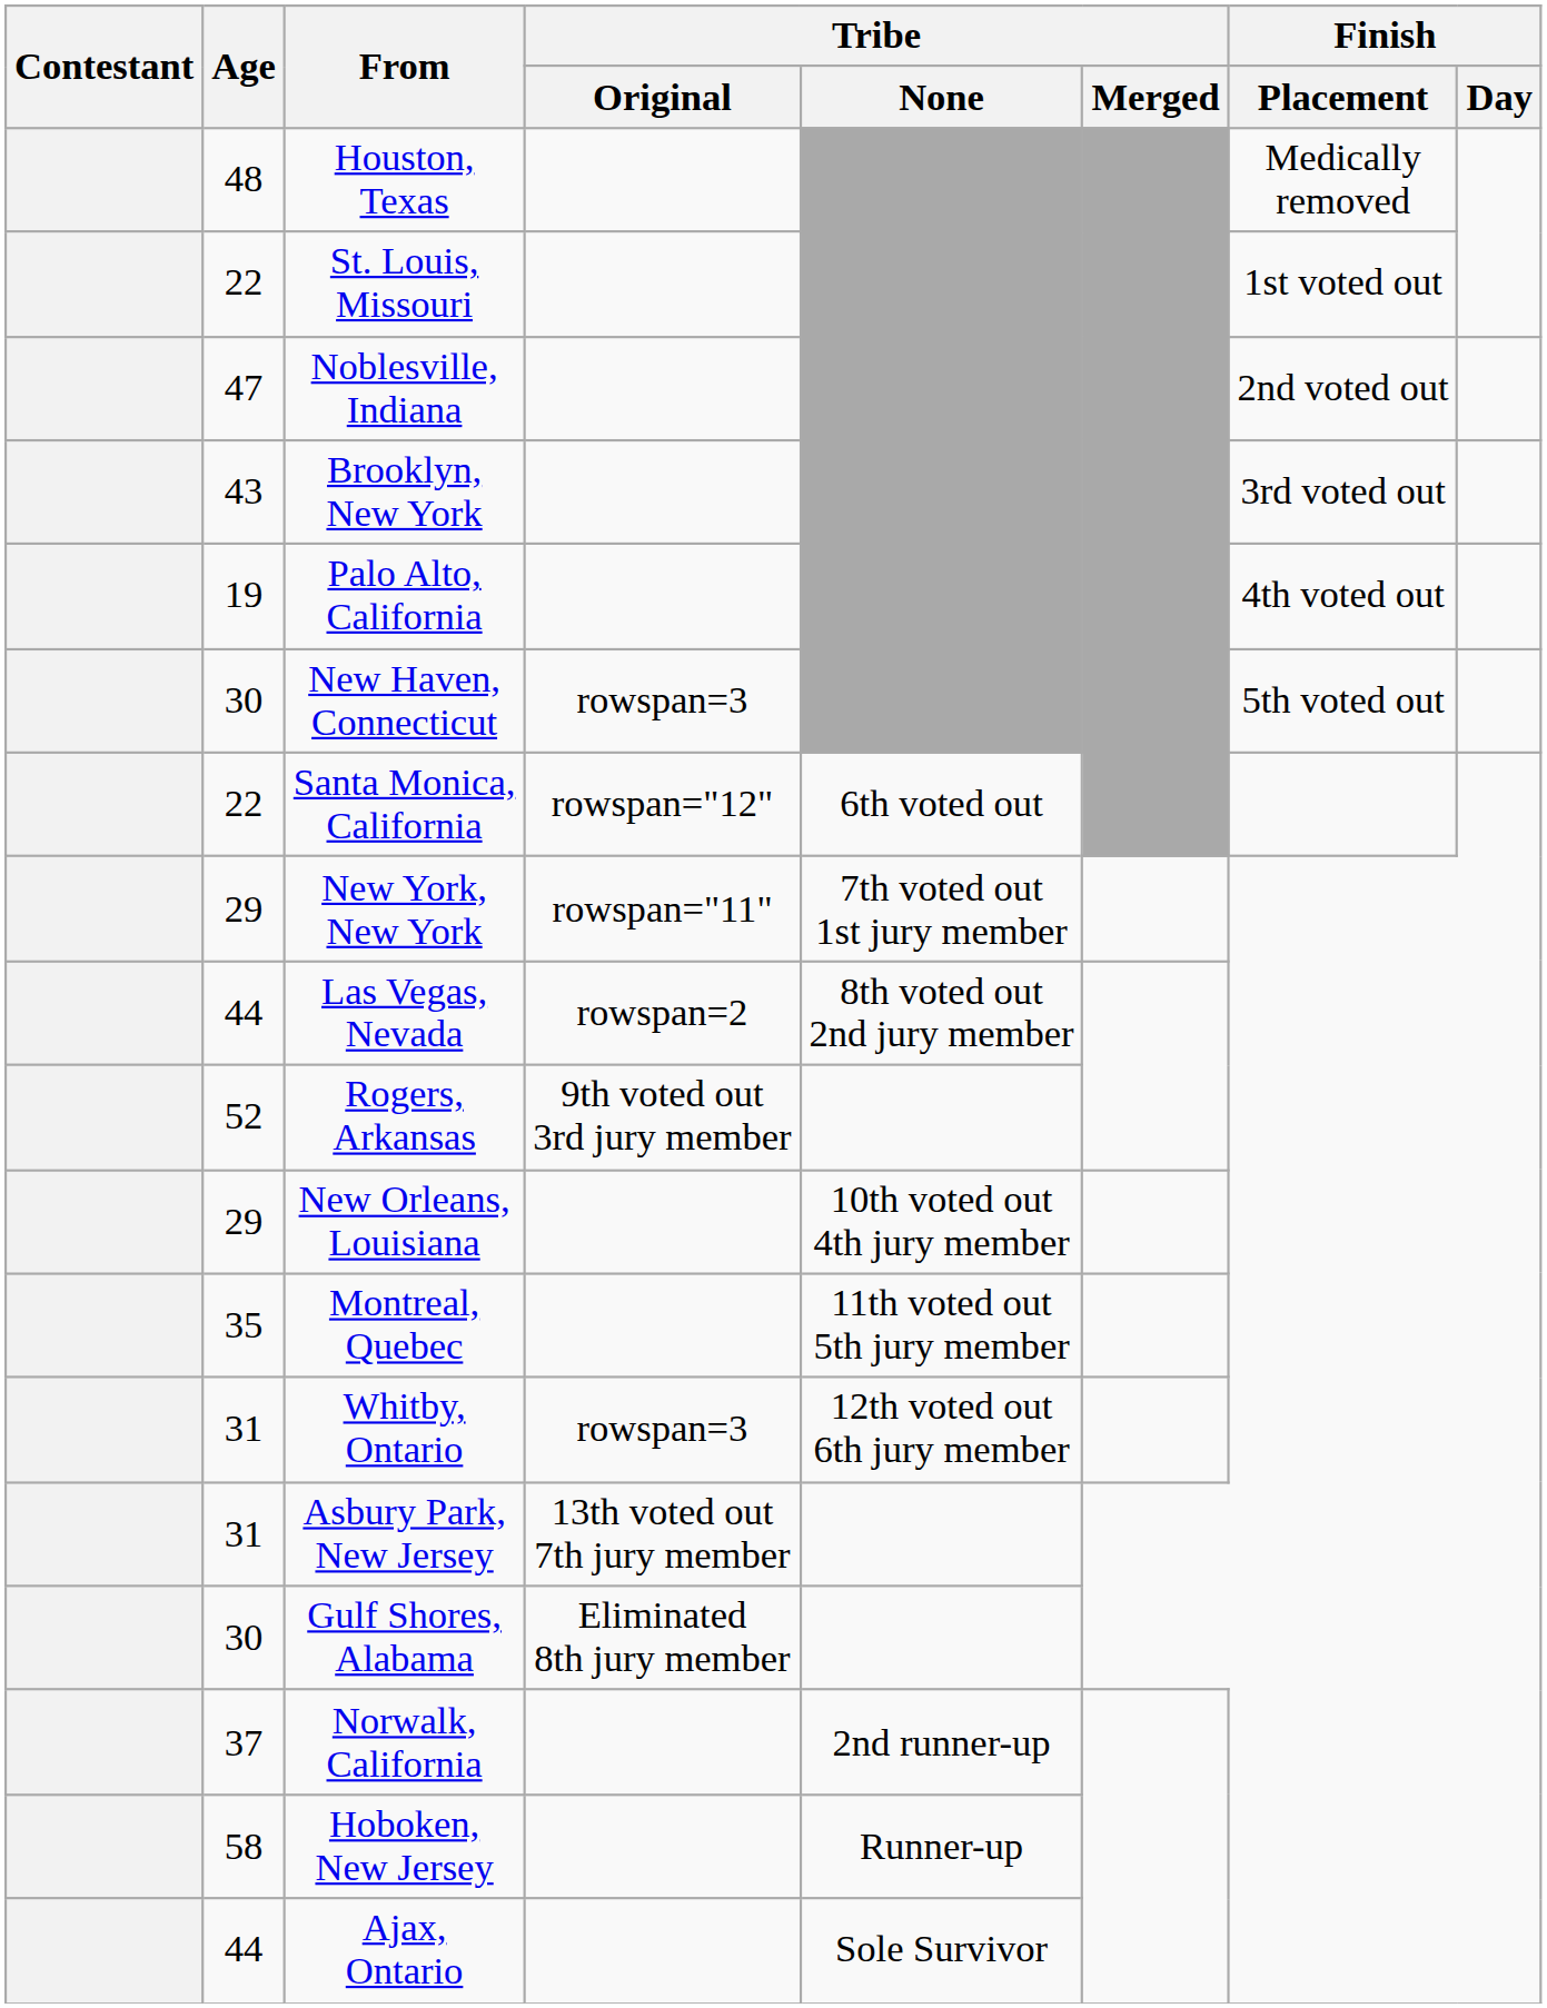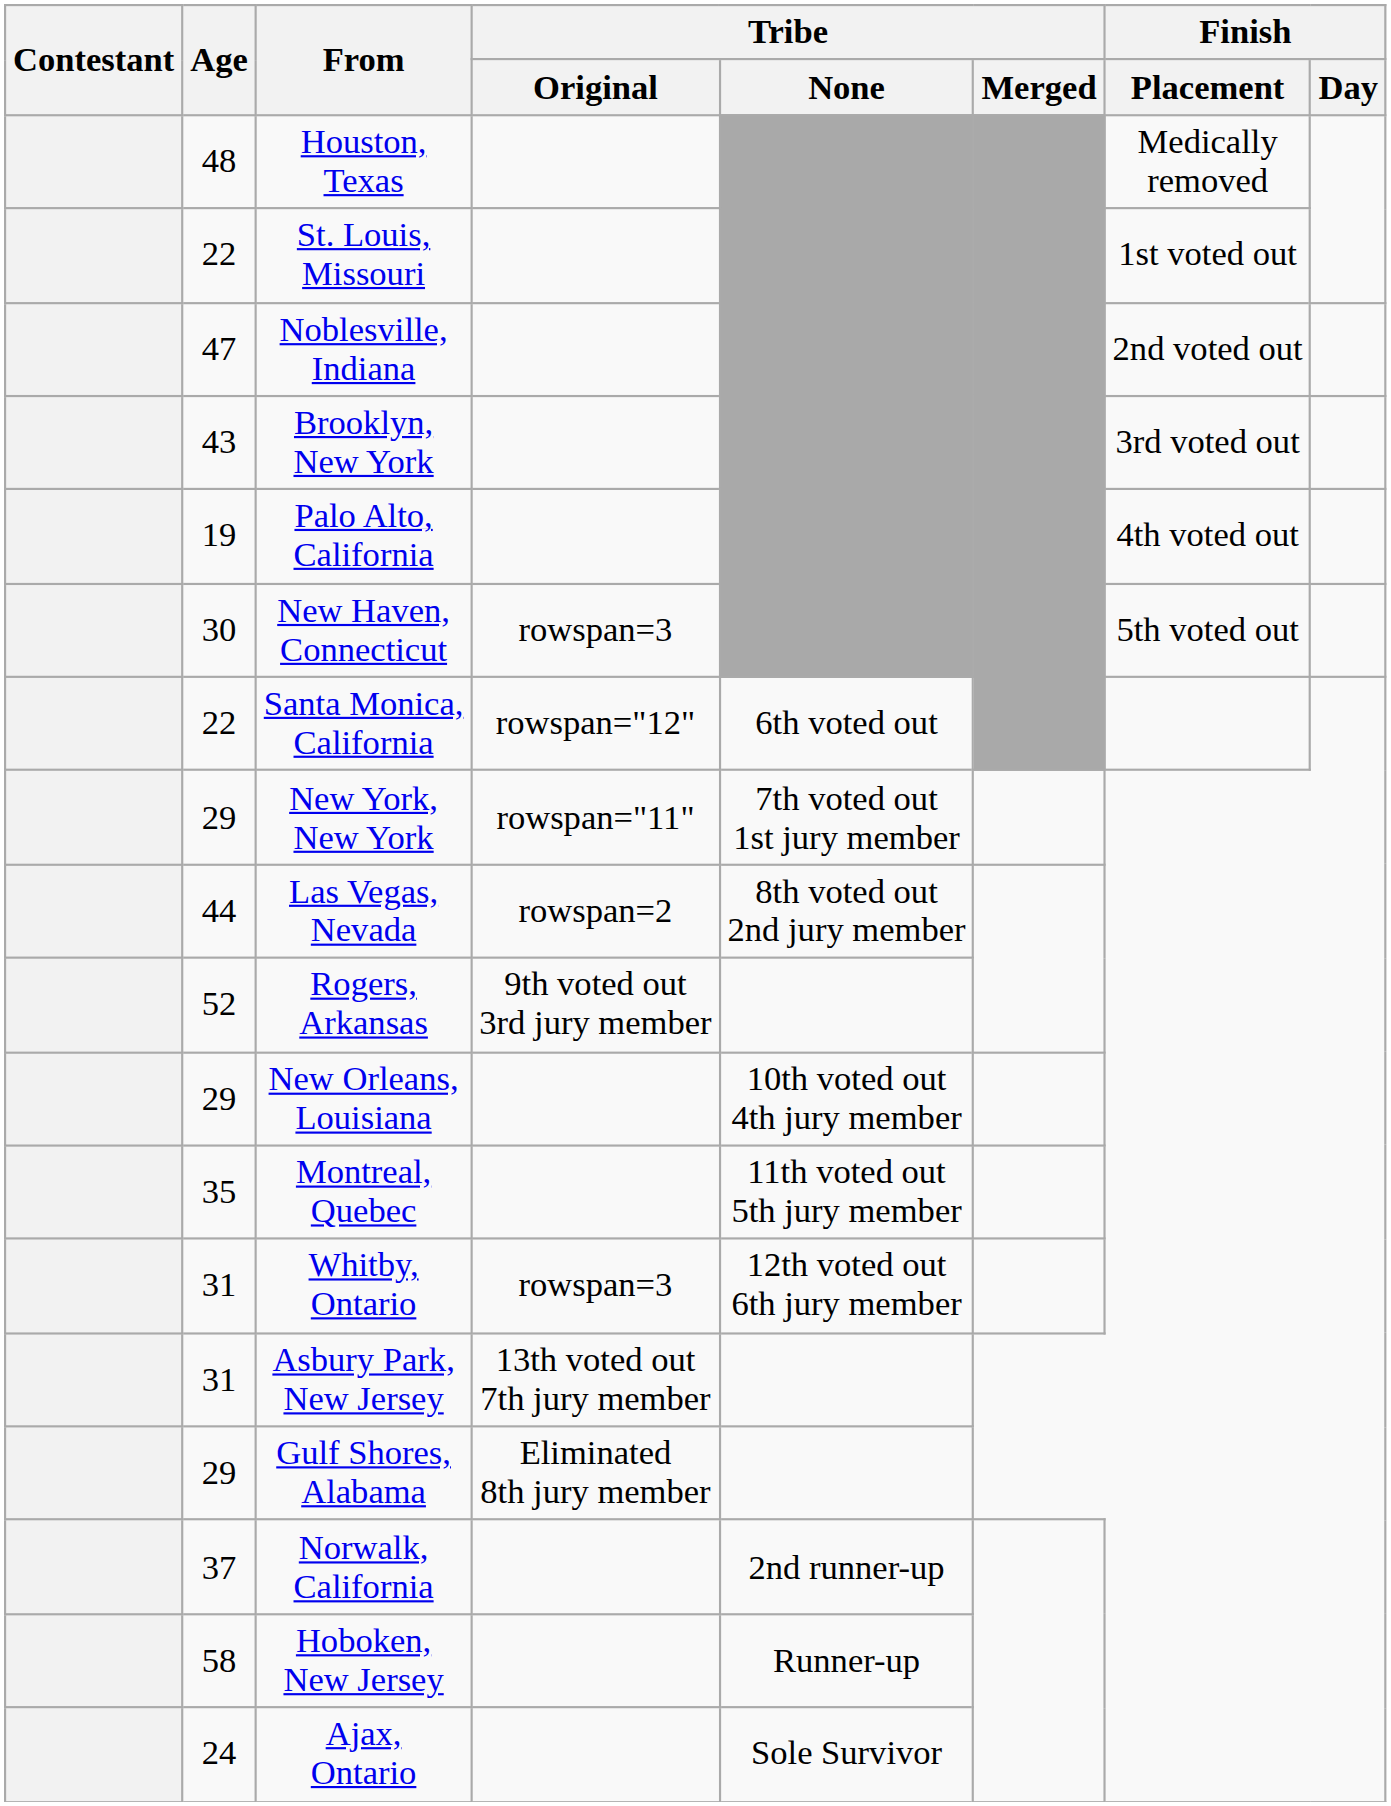 <table class="wikitable sortable" style="text-align:center;">
 <tr>
 <th rowspan="2" scope="col">Contestant</th>
 <th rowspan="2" scope="col">Age</th>
 <th rowspan="2" scope="col" class=unsortable>From</th>
 <th colspan="3" scope="colgroup">Tribe</th>
 <th colspan="2" scope="colgroup">Finish</th>
 </tr>
 <tr>
 <th scope="col">Original</th>
 <th scope="col" class=unsortable>None</th>
 <th scope="col" class=unsortable>Merged</th>
 <th scope="col" class=unsortable>Placement</th>
 <th scope="col" class=unsortable>Day</th>
 </tr>
 <tr>
 <th scope="row" style=text-align:left></th>
 <td>48</td>
 <td><a href='#'>Houston,<br>Texas</a></td>
 <td></td>
 <td rowspan="6" bgcolor="darkgray"></td>
 <td rowspan="7" bgcolor="darkgray"></td>
 <td>Medically<br>removed</td>
 <td rowspan="2"></td>
 </tr>
 <tr>
 <th scope="row" style=text-align:left></th>
 <td>22</td>
 <td><a href='#'>St. Louis,<br>Missouri</a></td>
 <td></td>
 <td>1st voted out</td>
 </tr>
 <tr>
 <th scope="row" style=text-align:left></th>
 <td>47</td>
 <td><a href='#'>Noblesville,<br>Indiana</a></td>
 <td></td>
 <td>2nd voted out</td>
 <td></td>
 </tr>
 <tr>
 <th scope="row" style=text-align:left></th>
 <td>43</td>
 <td><a href='#'>Brooklyn,<br>New York</a></td>
 <td></td>
 <td>3rd voted out</td>
 <td></td>
 </tr>
 <tr>
 <th scope="row" style=text-align:left></th>
 <td>19</td>
 <td><a href='#'>Palo Alto,<br>California</a></td>
 <td></td>
 <td>4th voted out</td>
 <td></td>
 </tr>
 <tr>
 <th scope="row" style=text-align:left></th>
 <td>30</td>
 <td><a href='#'>New Haven,<br>Connecticut</a></td>
 <td>rowspan=3 </td>
 <td>5th voted out</td>
 <td></td>
 </tr>
 <tr>
 <th scope="row" style=text-align:left></th>
 <td>22</td>
 <td><a href='#'>Santa Monica,<br>California</a></td>
 <td>rowspan="12" </td>
 <td>6th voted out</td>
 <td></td>
 </tr>
 <tr>
 <th scope="row" style=text-align:left></th>
 <td>29</td>
 <td><a href='#'>New York,<br>New York</a></td>
 <td>rowspan="11" </td>
 <td>7th voted out<br>1st jury member</td>
 <td></td>
 </tr>
 <tr>
 <th scope="row" style=text-align:left></th>
 <td>44</td>
 <td><a href='#'>Las Vegas,<br>Nevada</a></td>
 <td>rowspan=2 </td>
 <td>8th voted out<br>2nd jury member</td>
 <td rowspan="2"></td>
 </tr>
 <tr>
 <th scope="row" style=text-align:left></th>
 <td>52</td>
 <td><a href='#'>Rogers,<br>Arkansas</a></td>
 <td>9th voted out<br>3rd jury member</td>
 </tr>
 <tr>
 <th scope="row" style="text-align:left"></th>
 <td>29</td>
 <td><a href='#'>New Orleans,<br>Louisiana</a></td>
 <td></td>
 <td>10th voted out<br>4th jury member</td>
 <td></td>
 </tr>
 <tr>
 <th scope="row" style=text-align:left></th>
 <td>35</td>
 <td><a href='#'>Montreal,<br>Quebec</a></td>
 <td></td>
 <td>11th voted out<br>5th jury member</td>
 <td></td>
 </tr>
 <tr>
 <th scope="row" style=text-align:left></th>
 <td>31</td>
 <td><a href='#'>Whitby,<br>Ontario</a></td>
 <td>rowspan=3 </td>
 <td>12th voted out<br>6th jury member</td>
 <td></td>
 </tr>
 <tr>
 <th scope="row" style=text-align:left></th>
 <td>31</td>
 <td><a href='#'>Asbury Park,<br>New Jersey</a></td>
 <td>13th voted out<br>7th jury member</td>
 <td></td>
 </tr>
 <tr>
 <th scope="row" style=text-align:left></th>
-<td>30</td>
+<td>29</td>
 <td><a href='#'>Gulf Shores,<br>Alabama</a></td>
 <td>Eliminated<br>8th jury member</td>
 <td></td>
 </tr>
 <tr>
 <th scope="row" style="text-align:left"></th>
 <td>37</td>
 <td><a href='#'>Norwalk,<br>California</a></td>
 <td></td>
 <td>2nd runner-up</td>
 <td rowspan="3"></td>
 </tr>
 <tr>
 <th scope="row" style="text-align:left"></th>
 <td>58</td>
 <td><a href='#'>Hoboken,<br>New Jersey</a></td>
 <td></td>
 <td>Runner-up</td>
 </tr>
 <tr>
 <th scope="row" style="text-align:left"></th>
-<td>44</td>
+<td>24</td>
 <td><a href='#'>Ajax,<br>Ontario</a></td>
 <td></td>
 <td>Sole Survivor</td>
 </tr>
 </table>
